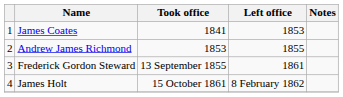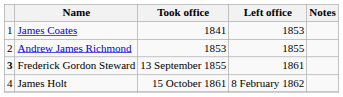 <table class=wikitable>
 <tr>
 <th></th>
 <th>Name</th>
 <th>Took office</th>
 <th>Left office</th>
 <th>Notes</th>
 </tr>
 <tr>
 <td>1</td>
 <td><a href='#'>James Coates</a></td>
 <td align="right">1841</td>
 <td align="right">1853</td>
 <td></td>
 </tr>
 <tr>
 <td>2</td>
 <td><a href='#'>Andrew James Richmond</a></td>
 <td align="right">1853</td>
 <td align="right">1855</td>
 <td></td>
 </tr>
 <tr>
-<td>3</td>
+<td><strong>3</strong></td>
 <td>Frederick Gordon Steward</td>
 <td align="right">13 September 1855</td>
 <td align="right">1861</td>
 <td></td>
 </tr>
 <tr>
 <td>4</td>
 <td>James Holt</td>
 <td align="right">15 October 1861</td>
 <td align="right">8 February 1862</td>
 <td></td>
 </tr>
 <tr>
 </tr>
 </table>
